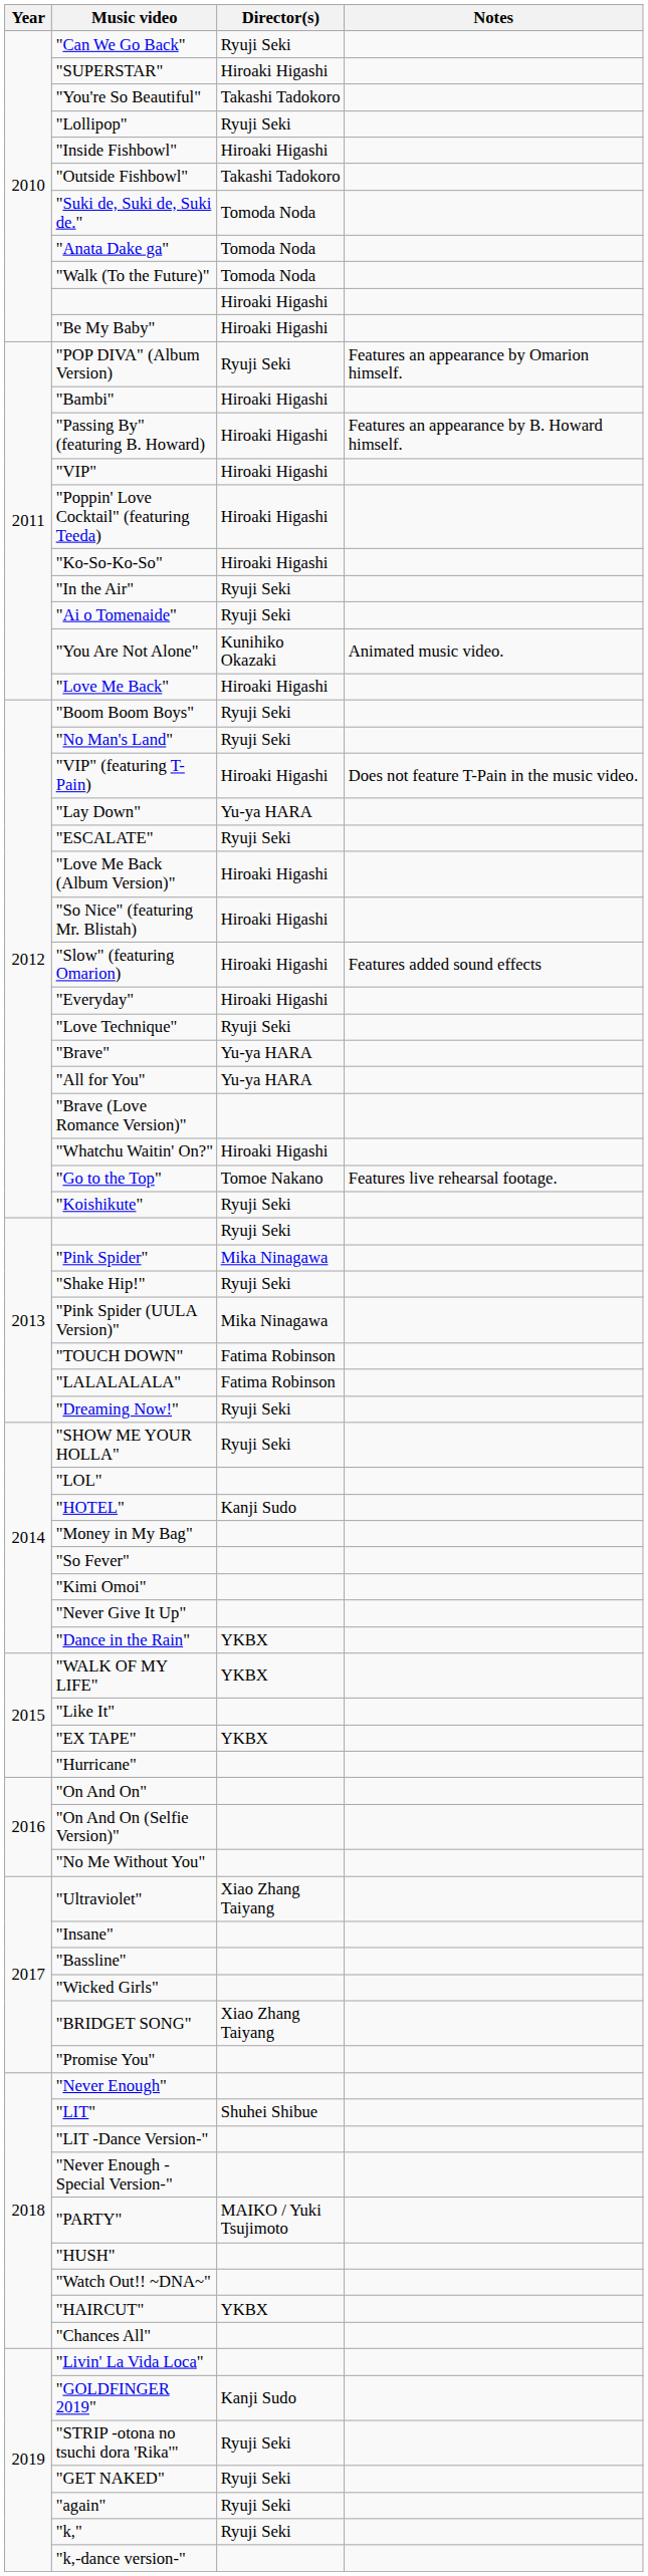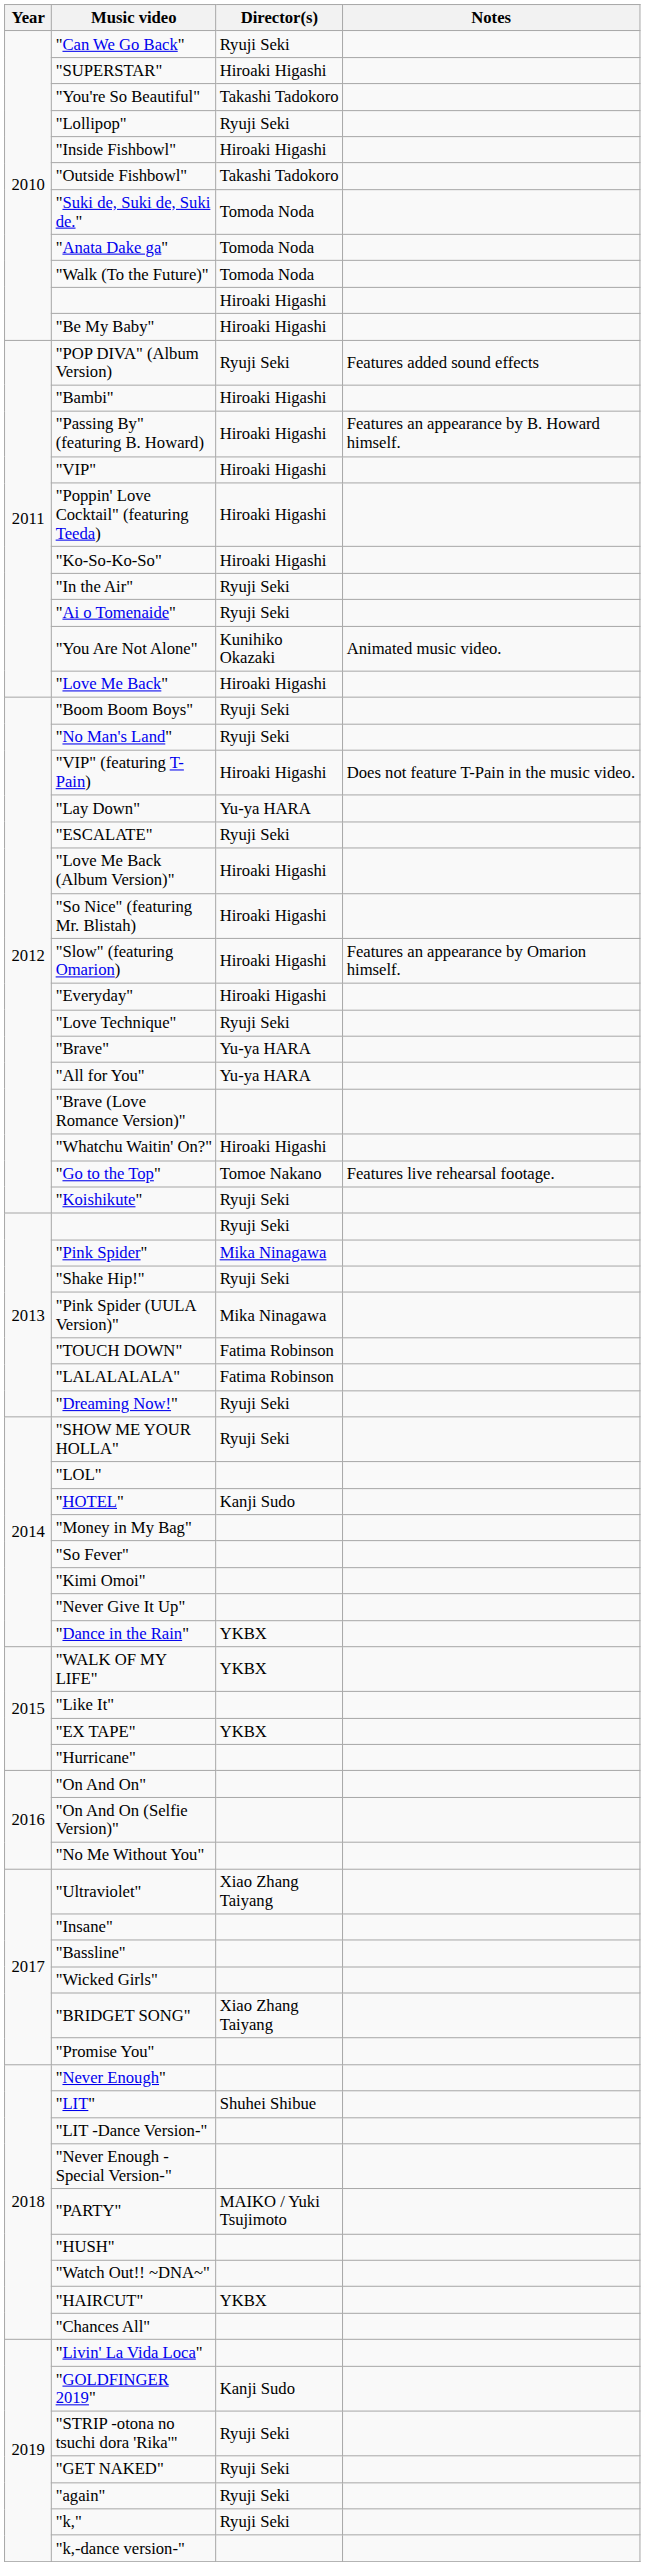 <table class="wikitable" style="width:98%;">
 <tr>
 <th width=3%>Year</th>
 <th style="width:15%;">Music video</th>
 <th style="width:15%;">Director(s)</th>
 <th style="width:35%;">Notes</th>
 </tr>
 <tr>
 <td style="text-align:center;" rowspan="11">2010</td>
 <td>"<a href='#'>Can We Go Back</a>"</td>
 <td>Ryuji Seki</td>
 <td></td>
 </tr>
 <tr>
 <td>"SUPERSTAR"</td>
 <td>Hiroaki Higashi</td>
 <td></td>
 </tr>
 <tr>
 <td>"You're So Beautiful"</td>
 <td>Takashi Tadokoro</td>
 <td></td>
 </tr>
 <tr>
 <td>"Lollipop"</td>
 <td>Ryuji Seki</td>
 <td></td>
 </tr>
 <tr>
 <td>"Inside Fishbowl"</td>
 <td>Hiroaki Higashi</td>
 <td></td>
 </tr>
 <tr>
 <td>"Outside Fishbowl"</td>
 <td>Takashi Tadokoro</td>
 <td></td>
 </tr>
 <tr>
 <td>"<a href='#'>Suki de, Suki de, Suki de.</a>"</td>
 <td>Tomoda Noda</td>
 <td></td>
 </tr>
 <tr>
 <td>"<a href='#'>Anata Dake ga</a>"</td>
 <td>Tomoda Noda</td>
 <td></td>
 </tr>
 <tr>
 <td>"Walk (To the Future)"</td>
 <td>Tomoda Noda</td>
 <td></td>
 </tr>
 <tr>
 <td></td>
 <td>Hiroaki Higashi</td>
 <td></td>
 </tr>
 <tr>
 <td>"Be My Baby"</td>
 <td>Hiroaki Higashi</td>
 <td></td>
 </tr>
 <tr>
 <td style="text-align:center;" rowspan="10">2011</td>
 <td>"POP DIVA" (Album Version)</td>
 <td>Ryuji Seki</td>
-<td>Features an appearance by Omarion himself.</td>
+<td>Features added sound effects</td>
 </tr>
 <tr>
 <td>"Bambi"</td>
 <td>Hiroaki Higashi</td>
 <td></td>
 </tr>
 <tr>
 <td>"Passing By" <span>(featuring B. Howard)</span></td>
 <td>Hiroaki Higashi</td>
 <td>Features an appearance by B. Howard himself.</td>
 </tr>
 <tr>
 <td>"VIP"</td>
 <td>Hiroaki Higashi</td>
 <td></td>
 </tr>
 <tr>
 <td>"Poppin' Love Cocktail" <span>(featuring <a href='#'>Teeda</a>)</span></td>
 <td>Hiroaki Higashi</td>
 <td></td>
 </tr>
 <tr>
 <td>"Ko-So-Ko-So"</td>
 <td>Hiroaki Higashi</td>
 <td></td>
 </tr>
 <tr>
 <td>"In the Air"</td>
 <td>Ryuji Seki</td>
 <td></td>
 </tr>
 <tr>
 <td>"<a href='#'>Ai o Tomenaide</a>"</td>
 <td>Ryuji Seki</td>
 <td></td>
 </tr>
 <tr>
 <td>"You Are Not Alone"</td>
 <td>Kunihiko Okazaki</td>
 <td>Animated music video.</td>
 </tr>
 <tr>
 <td>"<a href='#'>Love Me Back</a>"</td>
 <td>Hiroaki Higashi</td>
 </tr>
 <tr>
 <td style="text-align:center;" rowspan="16">2012</td>
 <td>"Boom Boom Boys"</td>
 <td>Ryuji Seki</td>
 <td></td>
 </tr>
 <tr>
 <td>"<a href='#'>No Man's Land</a>"</td>
 <td>Ryuji Seki</td>
 <td></td>
 </tr>
 <tr>
 <td>"VIP" <span>(featuring <a href='#'>T-Pain</a>)</span></td>
 <td>Hiroaki Higashi</td>
 <td>Does not feature T-Pain in the music video.</td>
 </tr>
 <tr>
 <td>"Lay Down"</td>
 <td>Yu-ya HARA</td>
 <td></td>
 </tr>
 <tr>
 <td>"ESCALATE"</td>
 <td>Ryuji Seki</td>
 <td></td>
 </tr>
 <tr>
 <td>"Love Me Back (Album Version)"</td>
 <td>Hiroaki Higashi</td>
 <td></td>
 </tr>
 <tr>
 <td>"So Nice" <span>(featuring Mr. Blistah)</span></td>
 <td>Hiroaki Higashi</td>
 <td></td>
 </tr>
 <tr>
 <td>"Slow" <span>(featuring <a href='#'>Omarion</a>)</span></td>
 <td>Hiroaki Higashi</td>
-<td>Features added sound effects</td>
+<td>Features an appearance by Omarion himself.</td>
 </tr>
 <tr>
 <td>"Everyday"</td>
 <td>Hiroaki Higashi</td>
 <td></td>
 </tr>
 <tr>
 <td>"Love Technique"</td>
 <td>Ryuji Seki</td>
 <td></td>
 </tr>
 <tr>
 <td>"Brave"</td>
 <td>Yu-ya HARA</td>
 <td></td>
 </tr>
 <tr>
 <td>"All for You"</td>
 <td>Yu-ya HARA</td>
 <td></td>
 </tr>
 <tr>
 <td>"Brave (Love Romance Version)"</td>
 <td></td>
 <td></td>
 </tr>
 <tr>
 <td>"Whatchu Waitin' On?"</td>
 <td>Hiroaki Higashi</td>
 <td></td>
 </tr>
 <tr>
 <td>"<a href='#'>Go to the Top</a>"</td>
 <td>Tomoe Nakano</td>
 <td>Features live rehearsal footage.</td>
 </tr>
 <tr>
 <td>"<a href='#'>Koishikute</a>"</td>
 <td>Ryuji Seki</td>
 <td></td>
 </tr>
 <tr>
 <td style="text-align:center;" rowspan="7">2013</td>
 <td></td>
 <td>Ryuji Seki</td>
 <td></td>
 </tr>
 <tr>
 <td>"<a href='#'>Pink Spider</a>"</td>
 <td><a href='#'>Mika Ninagawa</a></td>
 <td></td>
 </tr>
 <tr>
 <td>"Shake Hip!"</td>
 <td>Ryuji Seki</td>
 <td></td>
 </tr>
 <tr>
 <td>"Pink Spider (UULA Version)"</td>
 <td>Mika Ninagawa</td>
 <td></td>
 </tr>
 <tr>
 <td>"TOUCH DOWN"</td>
 <td>Fatima Robinson</td>
 <td></td>
 </tr>
 <tr>
 <td>"LALALALALA"</td>
 <td>Fatima Robinson</td>
 <td></td>
 </tr>
 <tr>
 <td>"<a href='#'>Dreaming Now!</a>"</td>
 <td>Ryuji Seki</td>
 <td></td>
 </tr>
 <tr>
 <td style="text-align:center;" rowspan="8">2014</td>
 <td>"SHOW ME YOUR HOLLA"</td>
 <td>Ryuji Seki</td>
 <td></td>
 </tr>
 <tr>
 <td>"LOL"</td>
 <td></td>
 <td></td>
 </tr>
 <tr>
 <td>"<a href='#'>HOTEL</a>"</td>
 <td>Kanji Sudo</td>
 <td></td>
 </tr>
 <tr>
 <td>"Money in My Bag"</td>
 <td></td>
 <td></td>
 </tr>
 <tr>
 <td>"So Fever"</td>
 <td></td>
 <td></td>
 </tr>
 <tr>
 <td>"Kimi Omoi"</td>
 <td></td>
 <td></td>
 </tr>
 <tr>
 <td>"Never Give It Up"</td>
 <td></td>
 <td></td>
 </tr>
 <tr>
 <td>"<a href='#'>Dance in the Rain</a>"</td>
 <td>YKBX</td>
 <td></td>
 </tr>
 <tr>
 <td style="text-align:center;" rowspan="4">2015</td>
 <td>"WALK OF MY LIFE"</td>
 <td>YKBX</td>
 <td></td>
 </tr>
 <tr>
 <td>"Like It"</td>
 <td></td>
 <td></td>
 </tr>
 <tr>
 <td>"EX TAPE"</td>
 <td>YKBX</td>
 <td></td>
 </tr>
 <tr>
 <td>"Hurricane"</td>
 <td></td>
 <td></td>
 </tr>
 <tr>
 <td style="text-align:center;" rowspan="3">2016</td>
 <td>"On And On"</td>
 <td></td>
 <td></td>
 </tr>
 <tr>
 <td>"On And On (Selfie Version)"</td>
 <td></td>
 <td></td>
 </tr>
 <tr>
 <td>"No Me Without You"</td>
 <td></td>
 <td></td>
 </tr>
 <tr>
 <td style="text-align:center;" rowspan="6">2017</td>
 <td>"Ultraviolet"</td>
 <td>Xiao Zhang Taiyang</td>
 <td></td>
 </tr>
 <tr>
 <td>"Insane"</td>
 <td></td>
 <td></td>
 </tr>
 <tr>
 <td>"Bassline"</td>
 <td></td>
 <td></td>
 </tr>
 <tr>
 <td>"Wicked Girls"</td>
 <td></td>
 <td></td>
 </tr>
 <tr>
 <td>"BRIDGET SONG"</td>
 <td>Xiao Zhang Taiyang</td>
 <td></td>
 </tr>
 <tr>
 <td>"Promise You"</td>
 <td></td>
 <td></td>
 </tr>
 <tr>
 <td style="text-align:center;" rowspan="9">2018</td>
 <td>"<a href='#'>Never Enough</a>"</td>
 <td></td>
 <td></td>
 </tr>
 <tr>
 <td>"<a href='#'>LIT</a>"</td>
 <td>Shuhei Shibue</td>
 <td></td>
 </tr>
 <tr>
 <td>"LIT -Dance Version-"</td>
 <td></td>
 <td></td>
 </tr>
 <tr>
 <td>"Never Enough -Special Version-"</td>
 <td></td>
 <td></td>
 </tr>
 <tr>
 <td>"PARTY"</td>
 <td>MAIKO / Yuki Tsujimoto</td>
 <td></td>
 </tr>
 <tr>
 <td>"HUSH"</td>
 <td></td>
 <td></td>
 </tr>
 <tr>
 <td>"Watch Out!! ~DNA~"</td>
 <td></td>
 <td></td>
 </tr>
 <tr>
 <td>"HAIRCUT"</td>
 <td>YKBX</td>
 <td></td>
 </tr>
 <tr>
 <td>"Chances All"</td>
 <td></td>
 <td></td>
 </tr>
 <tr>
 <td style="text-align:center;" rowspan="7">2019</td>
 <td>"<a href='#'>Livin' La Vida Loca</a>"</td>
 <td></td>
 <td></td>
 </tr>
 <tr>
 <td>"<a href='#'>GOLDFINGER 2019</a>"</td>
 <td>Kanji Sudo</td>
 <td></td>
 </tr>
 <tr>
 <td>"STRIP -otona no tsuchi dora 'Rika'"</td>
 <td>Ryuji Seki</td>
 <td></td>
 </tr>
 <tr>
 <td>"GET NAKED"</td>
 <td>Ryuji Seki</td>
 <td></td>
 </tr>
 <tr>
 <td>"again"</td>
 <td>Ryuji Seki</td>
 <td></td>
 </tr>
 <tr>
 <td>"k,"</td>
 <td>Ryuji Seki</td>
 <td></td>
 </tr>
 <tr>
 <td>"k,-dance version-"</td>
 <td></td>
 <td></td>
 </tr>
 <tr>
 </tr>
 </table>
